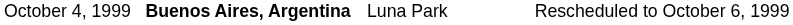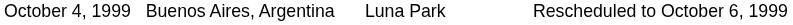 <table cellpadding="2" style="border: 0px solid darkgray; font-size:90%">
 <tr>
 <th width="150"></th>
 <th width="250"></th>
 <th width="200"></th>
 <th width="700"></th>
 </tr>
 <tr border="0">
 <td>October 4, 1999</td>
-<td><strong>Buenos Aires, Argentina</strong></td>
+<td>Buenos Aires, Argentina</td>
 <td>Luna Park</td>
 <td>Rescheduled to October 6, 1999</td>
 </tr>
 <tr>
 </tr>
 </table>
